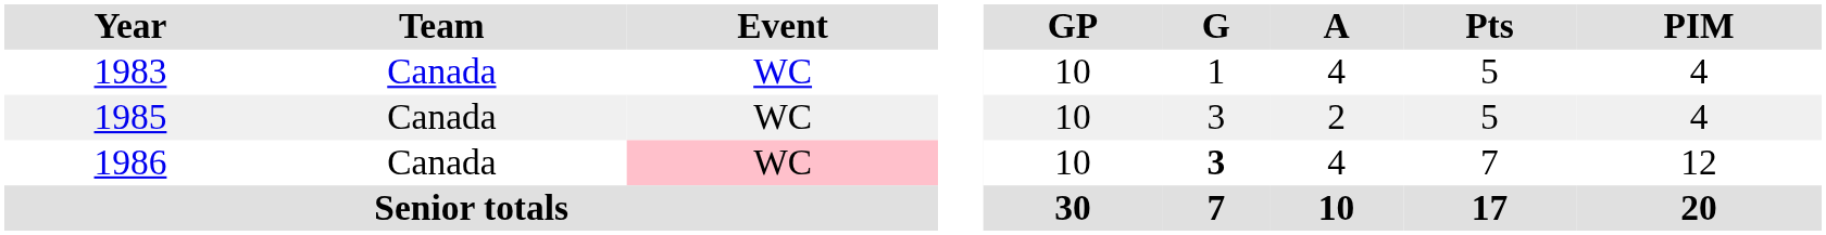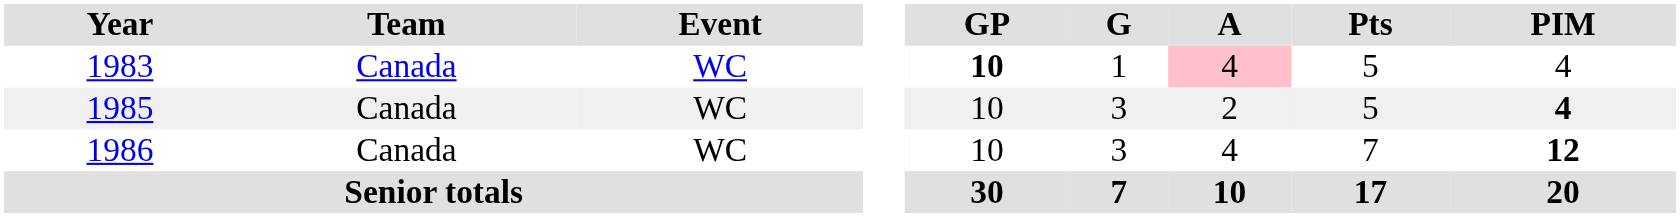 <table border="0" cellpadding="1" cellspacing="0" style="text-align:center; width:50em">
 <tr ALIGN="center" bgcolor="#e0e0e0">
 <th>Year</th>
 <th>Team</th>
 <th>Event</th>
 <th rowspan="99" bgcolor="#ffffff"> </th>
 <th>GP</th>
 <th>G</th>
 <th>A</th>
 <th>Pts</th>
 <th>PIM</th>
 </tr>
 <tr>
 <td><a href='#'>1983</a></td>
 <td><a href='#'>Canada</a></td>
 <td><a href='#'>WC</a></td>
-<td>10</td>
+<td><strong>10</strong></td>
 <td>1</td>
-<td>4</td>
+<td style="background: pink;">4</td>
 <td>5</td>
 <td>4</td>
 </tr>
 <tr bgcolor="#f0f0f0">
 <td><a href='#'>1985</a></td>
 <td>Canada</td>
 <td>WC</td>
 <td>10</td>
 <td>3</td>
 <td>2</td>
 <td>5</td>
-<td>4</td>
+<td><strong>4</strong></td>
 </tr>
 <tr>
 <td><a href='#'>1986</a></td>
 <td>Canada</td>
-<td style="background: pink;">WC</td>
+<td>WC</td>
 <td>10</td>
-<td><strong>3</strong></td>
+<td>3</td>
 <td>4</td>
 <td>7</td>
-<td>12</td>
+<td><strong>12</strong></td>
 </tr>
 <tr bgcolor="#e0e0e0">
 <th colspan=3>Senior totals</th>
 <th>30</th>
 <th>7</th>
 <th>10</th>
 <th>17</th>
 <th>20</th>
 </tr>
 </table>
